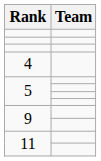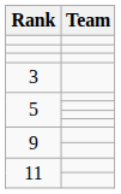 <table class="wikitable" style="text-align: center;">
 <tr>
 <th width=40>Rank</th>
 <th>Team</th>
 </tr>
 <tr>
 <td></td>
 <td align=left></td>
 </tr>
 <tr>
 <td></td>
 <td align=left></td>
 </tr>
 <tr>
 <td></td>
 <td align=left></td>
 </tr>
 <tr>
-<td>4</td>
+<td>3</td>
 <td align=left></td>
 </tr>
 <tr>
 <td rowspan="4">5</td>
 <td align=left></td>
 </tr>
 <tr>
 <td align=left></td>
 </tr>
 <tr>
 <td align=left></td>
 </tr>
 <tr>
 <td align=left></td>
 </tr>
 <tr>
 <td rowspan="2">9</td>
 <td align=left></td>
 </tr>
 <tr>
 <td align=left></td>
 </tr>
 <tr>
 <td rowspan="2">11</td>
 <td align=left></td>
 </tr>
 <tr>
 <td align=left></td>
 </tr>
 </table>
